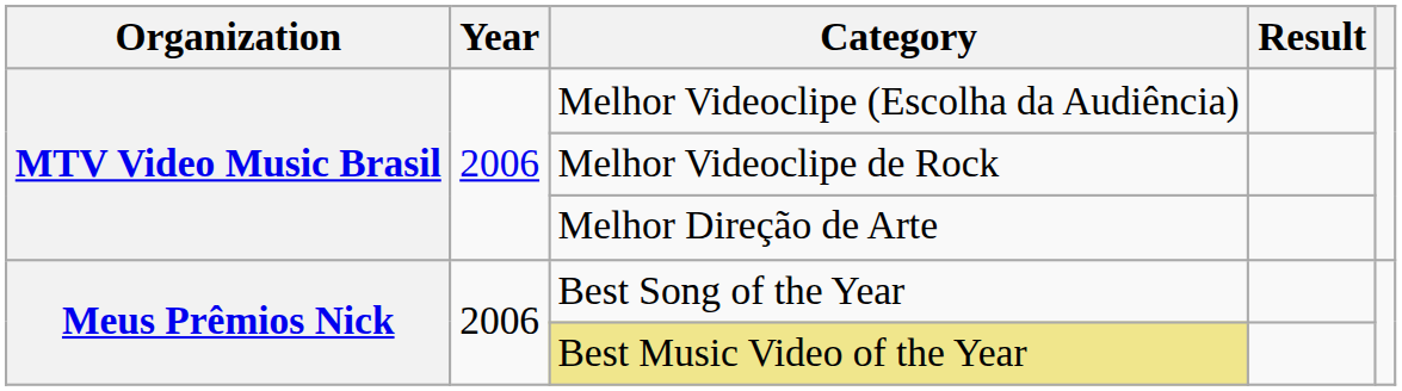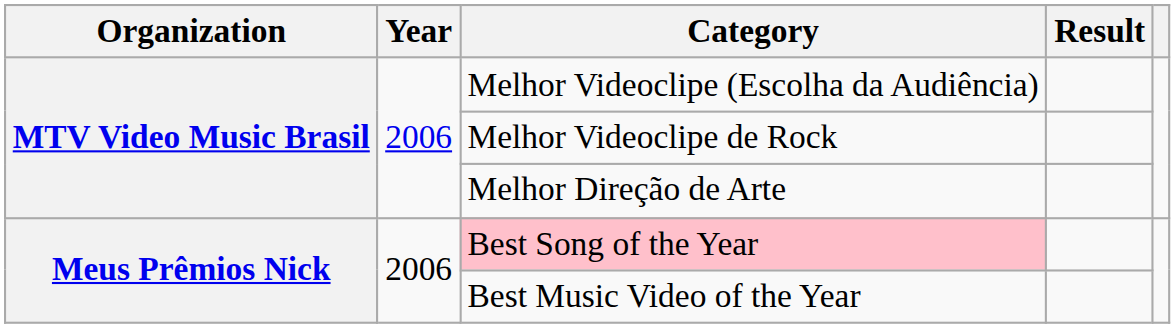 <table class="wikitable sortable plainrowheaders" style="border:none; margin:0;">
 <tr>
 <th scope="col">Organization</th>
 <th scope="col">Year</th>
 <th scope="col">Category</th>
 <th scope="col">Result</th>
 <th class="unsortable" scope="col"></th>
 </tr>
 <tr>
 <th rowspan="3" scope="row"><a href='#'>MTV Video Music Brasil</a></th>
 <td rowspan="3"><a href='#'>2006</a></td>
 <td>Melhor Videoclipe (Escolha da Audiência)</td>
 <td></td>
 <td rowspan="3"></td>
 </tr>
 <tr>
 <td>Melhor Videoclipe de Rock</td>
 <td></td>
 </tr>
 <tr>
 <td>Melhor Direção de Arte</td>
 <td></td>
 </tr>
 <tr>
 <th rowspan="2" scope="row"><a href='#'>Meus Prêmios Nick</a></th>
 <td rowspan="2">2006</td>
-<td>Best Song of the Year</td>
+<td style="background: pink;">Best Song of the Year</td>
 <td></td>
 <td rowspan="2"></td>
 </tr>
 <tr>
-<td style="background: khaki;">Best Music  Video  of the Year</td>
+<td>Best Music  Video  of the Year</td>
 <td></td>
 </tr>
 <tr>
 </tr>
 </table>
